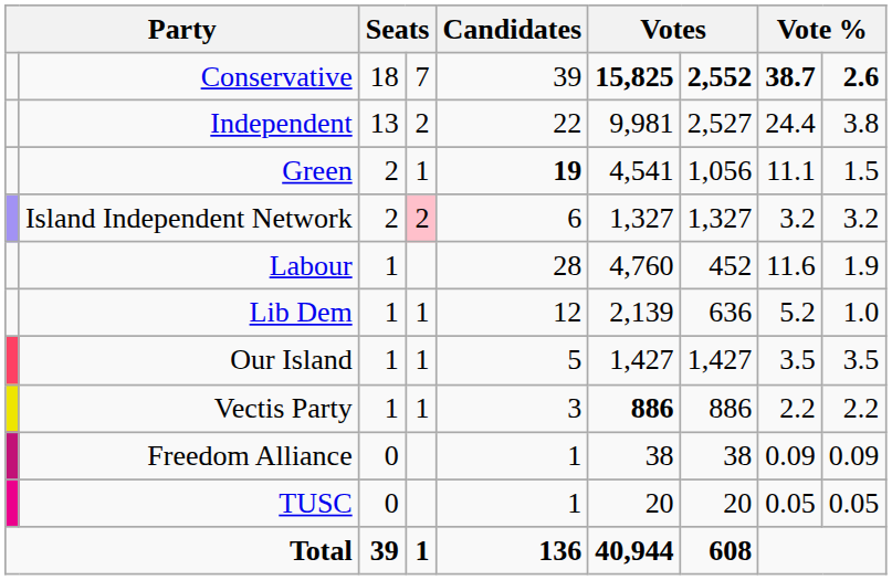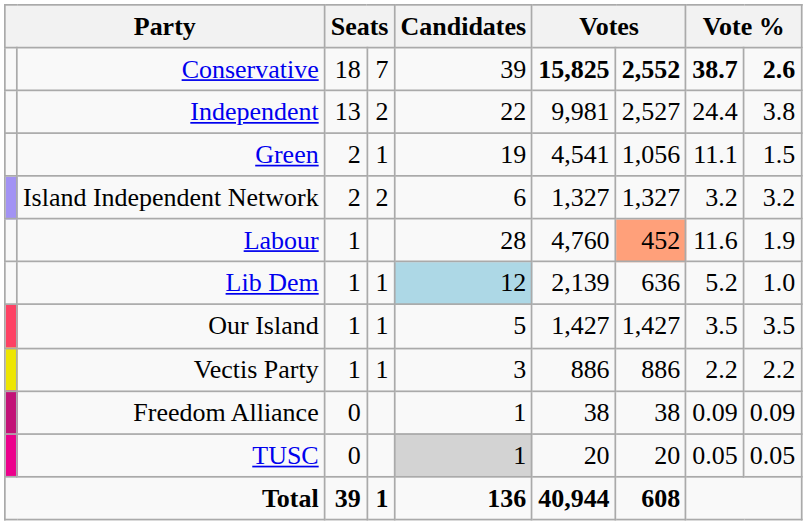 <table class="wikitable sortable" style="text-align:right; font-size:95%">
 <tr 2021 >
 <th colspan="2">Party</th>
 <th colspan="2">Seats</th>
 <th>Candidates</th>
 <th colspan="2">Votes</th>
 <th colspan="2">Vote %</th>
 </tr>
 <tr>
 <td style="background:"></td>
 <td><a href='#'>Conservative</a></td>
 <td>18</td>
 <td> 7</td>
 <td>39</td>
 <td><strong>15,825</strong></td>
 <td> <strong>2,552</strong></td>
 <td><strong>38.7</strong></td>
 <td> <strong>2.6</strong></td>
 </tr>
 <tr>
 <td></td>
 <td><a href='#'>Independent</a></td>
 <td>13</td>
 <td> 2</td>
 <td>22</td>
 <td>9,981</td>
 <td> 2,527</td>
 <td>24.4</td>
 <td> 3.8</td>
 </tr>
 <tr>
 <td style="background:"></td>
 <td><a href='#'>Green</a></td>
 <td>2</td>
 <td> 1</td>
-<td><strong>19</strong></td>
+<td>19</td>
 <td>4,541</td>
 <td> 1,056</td>
 <td>11.1</td>
 <td> 1.5</td>
 </tr>
 <tr>
 <td style="background:#A292F4;"></td>
 <td>Island Independent Network</td>
 <td>2</td>
-<td style="background: pink;"> 2</td>
+<td> 2</td>
 <td>6</td>
 <td>1,327</td>
 <td> 1,327</td>
 <td>3.2</td>
 <td> 3.2</td>
 </tr>
 <tr>
 <td style="background:"></td>
 <td><a href='#'>Labour</a></td>
 <td>1</td>
 <td></td>
 <td>28</td>
 <td>4,760</td>
-<td> 452</td>
+<td style="background: lightsalmon;"> 452</td>
 <td>11.6</td>
 <td> 1.9</td>
 </tr>
 <tr>
 <td style="background:"></td>
 <td><a href='#'>Lib Dem</a></td>
 <td>1</td>
 <td> 1</td>
-<td>12</td>
+<td style="background: lightblue;">12</td>
 <td>2,139</td>
 <td> 636</td>
 <td>5.2</td>
 <td> 1.0</td>
 </tr>
 <tr>
 <td style="background:#FE4164;"></td>
 <td>Our Island</td>
 <td>1</td>
 <td> 1</td>
 <td>5</td>
 <td>1,427</td>
 <td> 1,427</td>
 <td>3.5</td>
 <td> 3.5</td>
 </tr>
 <tr>
 <td style="background:#EEE600;"></td>
 <td>Vectis Party</td>
 <td>1</td>
 <td> 1</td>
 <td>3</td>
-<td><strong>886</strong></td>
+<td>886</td>
 <td> 886</td>
 <td>2.2</td>
 <td> 2.2</td>
 </tr>
 <tr>
 <td style="background:#C21277;"></td>
 <td>Freedom Alliance</td>
 <td>0</td>
 <td></td>
 <td>1</td>
 <td>38</td>
 <td> 38</td>
 <td>0.09</td>
 <td> 0.09</td>
 </tr>
 <tr>
 <td style="background:#EC008C;"></td>
 <td><a href='#'>TUSC</a></td>
 <td>0</td>
 <td></td>
-<td>1</td>
+<td style="background: lightgrey;">1</td>
 <td>20</td>
 <td> 20</td>
 <td>0.05</td>
 <td> 0.05</td>
 </tr>
 <tr>
 <td colspan="2"><strong>Total</strong></td>
 <td><strong>39</strong></td>
 <td> <strong>1</strong></td>
 <td><strong>136</strong></td>
 <td><strong>40,944</strong></td>
 <td> <strong>608</strong></td>
 <td colspan="2"></td>
 </tr>
 </table>
